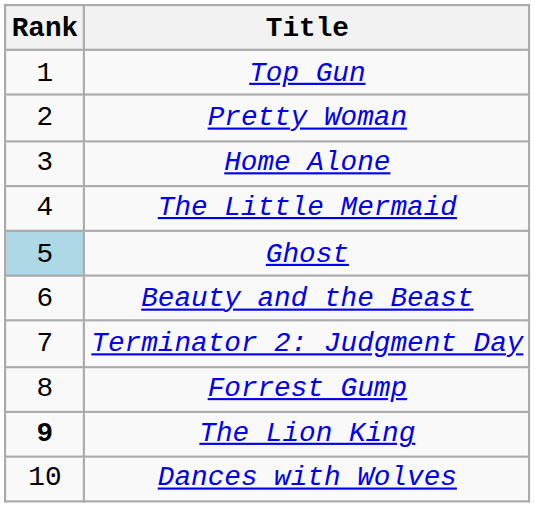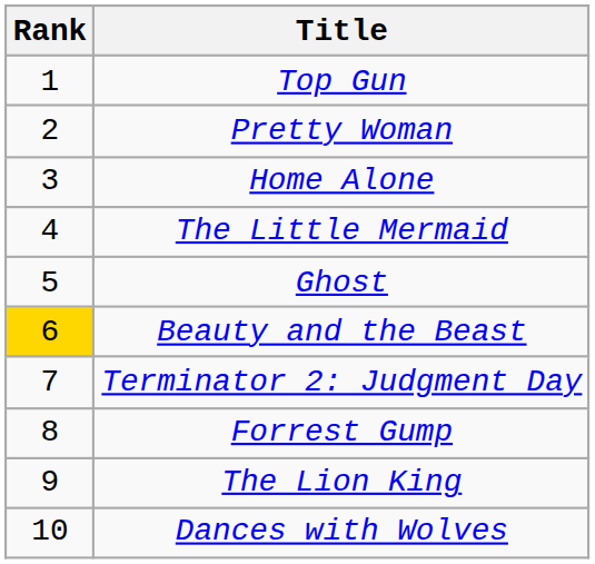 <table class="wikitable sortable" style="text-align:center">
 <tr>
 <th>Rank</th>
 <th>Title</th>
 </tr>
 <tr>
 <td>1</td>
 <td><em><a href='#'>Top Gun</a></em></td>
 </tr>
 <tr>
 <td>2</td>
 <td><em><a href='#'>Pretty Woman</a></em></td>
 </tr>
 <tr>
 <td>3</td>
 <td><em><a href='#'>Home Alone</a></em></td>
 </tr>
 <tr>
 <td>4</td>
 <td><em><a href='#'>The Little Mermaid</a></em></td>
 </tr>
 <tr>
-<td style="background: lightblue;">5</td>
+<td>5</td>
 <td><em><a href='#'>Ghost</a></em></td>
 </tr>
 <tr>
-<td>6</td>
+<td style="background: gold;">6</td>
 <td><em><a href='#'>Beauty and the Beast</a></em></td>
 </tr>
 <tr>
 <td>7</td>
 <td><em><a href='#'>Terminator 2: Judgment Day</a></em></td>
 </tr>
 <tr>
 <td>8</td>
 <td><em><a href='#'>Forrest Gump</a></em></td>
 </tr>
 <tr>
-<td><strong>9</strong></td>
+<td>9</td>
 <td><em><a href='#'>The Lion King</a></em></td>
 </tr>
 <tr>
 <td>10</td>
 <td><em><a href='#'>Dances with Wolves</a></em></td>
 </tr>
 </table>
